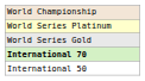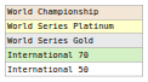 <table class=wikitable style=font-size:89%;width:15%>
 <tr style="background:#F3E6D7;">
 <td>World Championship</td>
 </tr>
 <tr style="background:#ffc;">
 <td>World Series Platinum</td>
 </tr>
 <tr style="background:#E9E9E9;">
 <td>World Series Gold</td>
 </tr>
 <tr style="background:#D4F1C5;">
-<td><strong>International 70</strong></td>
+<td>International 70</td>
 </tr>
 <tr style="background:#fff;">
 <td>International 50</td>
 </tr>
 </table>
